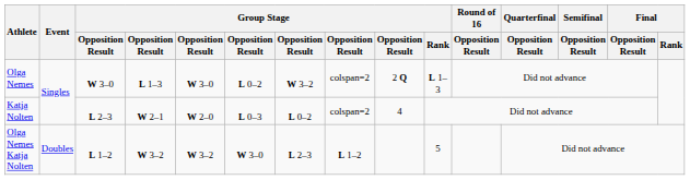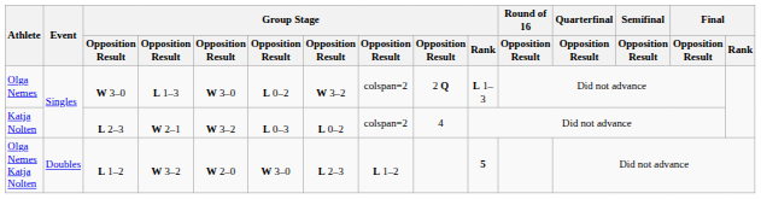 <table class=wikitable style="font-size:90%">
 <tr>
 <th rowspan="2">Athlete</th>
 <th rowspan="2">Event</th>
 <th colspan="8">Group Stage</th>
 <th>Round of 16</th>
 <th>Quarterfinal</th>
 <th>Semifinal</th>
 <th colspan=2>Final</th>
 </tr>
 <tr>
 <th>Opposition<br>Result</th>
 <th>Opposition<br>Result</th>
 <th>Opposition<br>Result</th>
 <th>Opposition<br>Result</th>
 <th>Opposition<br>Result</th>
 <th>Opposition<br>Result</th>
 <th>Opposition<br>Result</th>
 <th>Rank</th>
 <th>Opposition<br>Result</th>
 <th>Opposition<br>Result</th>
 <th>Opposition<br>Result</th>
 <th>Opposition<br>Result</th>
 <th>Rank</th>
 </tr>
 <tr align=center>
 <td align=left><a href='#'>Olga Nemes</a></td>
 <td align=left rowspan=2><a href='#'>Singles</a></td>
 <td><br><strong>W</strong> 3–0</td>
 <td><br><strong>L</strong> 1–3</td>
 <td><br><strong>W</strong> 3–0</td>
 <td><br><strong>L</strong> 0–2</td>
 <td><br><strong>W</strong> 3–2</td>
 <td>colspan=2</td>
 <td>2 <strong>Q</strong></td>
 <td><br><strong>L</strong> 1–3</td>
 <td colspan=4>Did not advance</td>
 </tr>
 <tr align=center>
 <td align=left><a href='#'>Katja Nolten</a></td>
 <td><br><strong>L</strong> 2–3</td>
 <td><br><strong>W</strong> 2–1</td>
-<td><br><strong>W</strong> 2–0</td>
+<td><br><strong>W</strong> 3–2</td>
 <td><br><strong>L</strong> 0–3</td>
 <td><br><strong>L</strong> 0–2</td>
 <td>colspan=2</td>
 <td>4</td>
 <td colspan=5>Did not advance</td>
 </tr>
 <tr align=center>
 <td align=left><a href='#'>Olga Nemes</a><br><a href='#'>Katja Nolten</a></td>
 <td align=left><a href='#'>Doubles</a></td>
 <td><br><strong>L</strong> 1–2</td>
 <td><br><strong>W</strong> 3–2</td>
-<td><br><strong>W</strong> 3–2</td>
+<td><br><strong>W</strong> 2–0</td>
 <td><br><strong>W</strong> 3–0</td>
 <td><br><strong>L</strong> 2–3</td>
 <td><br><strong>L</strong> 1–2</td>
 <td></td>
-<td>5</td>
+<td><strong>5</strong></td>
 <td></td>
 <td colspan=4>Did not advance</td>
 </tr>
 </table>
